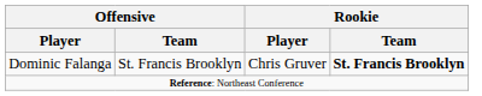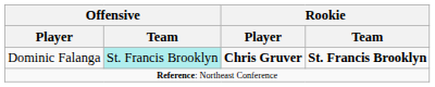 <table class="wikitable">
 <tr>
 <th colspan="2">Offensive</th>
 <th colspan="2">Rookie</th>
 </tr>
 <tr>
 <th>Player</th>
 <th>Team</th>
 <th>Player</th>
 <th>Team</th>
 </tr>
 <tr>
 <td>Dominic Falanga</td>
-<td>St. Francis Brooklyn</td>
-<td>Chris Gruver</td>
+<td style="background: paleturquoise;">St. Francis Brooklyn</td>
+<td><strong>Chris Gruver</strong></td>
 <td><strong>St. Francis Brooklyn</strong></td>
 </tr>
 <tr>
 <td colspan="12"  style="font-size:8pt; text-align:center;"><strong>Reference</strong>: Northeast Conference</td>
 </tr>
 </table>
